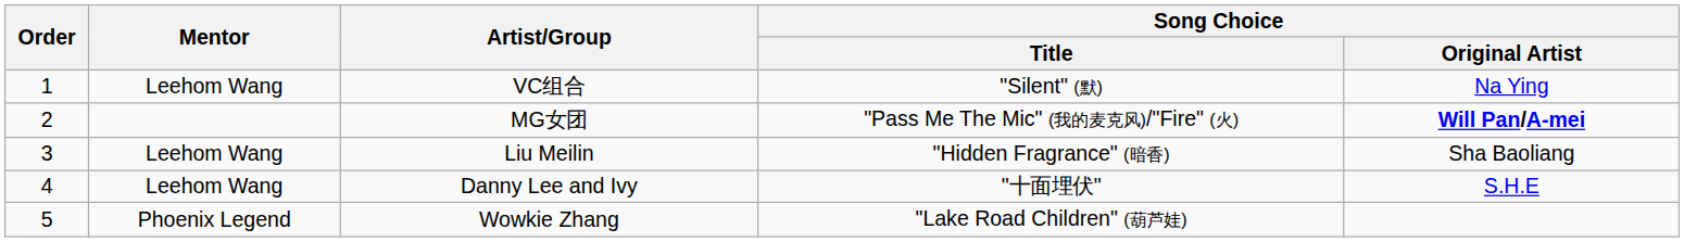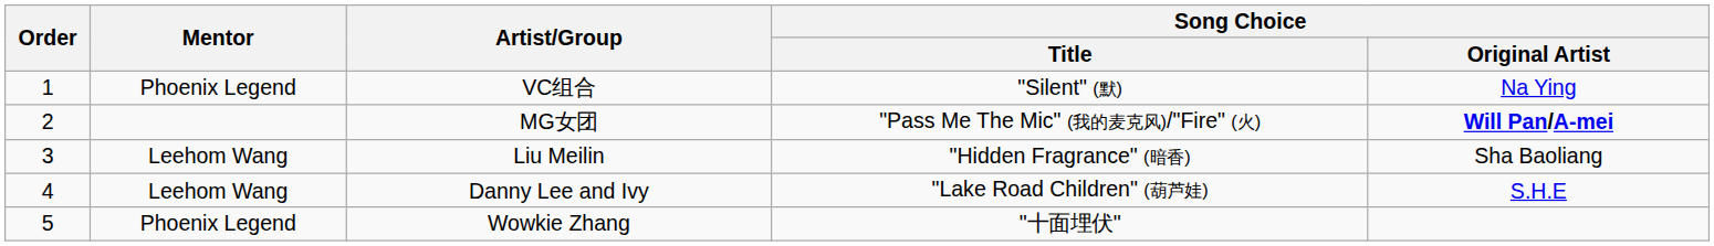 <table class="wikitable" style="text-align:center; line-height:17px; font-size:100%; width:100%;">
 <tr>
 <th scope="col" rowspan="2" width="05%">Order</th>
 <th scope="col" rowspan="2" width="15%">Mentor</th>
 <th scope="col" rowspan="2" width="25%">Artist/Group</th>
 <th scope="col" colspan="2">Song Choice</th>
 </tr>
 <tr>
 <th scope="col" width="35%">Title</th>
 <th scope="col" width="20%">Original Artist</th>
 </tr>
 <tr>
 <td scope="row">1</td>
-<td scope="row">Leehom Wang</td>
+<td scope="row">Phoenix Legend</td>
 <td scope="row">VC组合</td>
 <td scope="row">"Silent" <small>(默)</small></td>
 <td scope="row"><a href='#'>Na Ying</a></td>
 </tr>
 <tr>
 <td scope="row">2</td>
 <td scope="row"></td>
 <td scope="row">MG女团</td>
 <td scope="row">"Pass Me The Mic" <small>(我的麦克风)</small>/"Fire" <small>(火)</small></td>
 <td scope="row"><strong><a href='#'>Will Pan</a>/<a href='#'>A-mei</a></strong></td>
 </tr>
 <tr>
 <td scope="row">3</td>
 <td scope="row">Leehom Wang</td>
 <td scope="row">Liu Meilin</td>
 <td scope="row">"Hidden Fragrance" <small>(暗香)</small></td>
 <td scope="row">Sha Baoliang</td>
 </tr>
 <tr>
 <td scope="row">4</td>
 <td scope="row">Leehom Wang</td>
 <td scope="row">Danny Lee and Ivy</td>
-<td scope="row">"十面埋伏"</td>
+<td style="scope:row">"Lake Road Children" <small>(葫芦娃)</small></td>
 <td scope="row"><a href='#'>S.H.E</a></td>
 </tr>
 <tr>
 <td scope="row">5</td>
 <td scope="row">Phoenix Legend</td>
 <td style="scope:row">Wowkie Zhang</td>
-<td style="scope:row">"Lake Road Children" <small>(葫芦娃)</small></td>
+<td scope="row">"十面埋伏"</td>
 <td scope="row"></td>
 </tr>
 </table>
